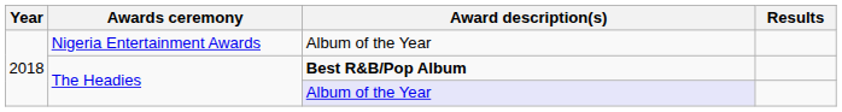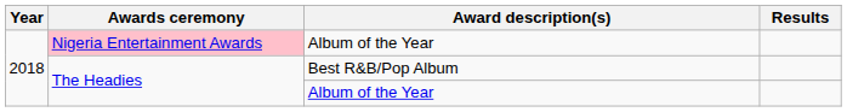 <table class="wikitable">
 <tr>
 <th>Year</th>
 <th style="width:250px;">Awards ceremony</th>
 <th style="width:450px;">Award description(s)</th>
 <th style="width:75px;">Results</th>
 </tr>
 <tr>
 <td rowspan="3">2018</td>
-<td><a href='#'>Nigeria Entertainment Awards</a></td>
+<td style="background: pink;"><a href='#'>Nigeria Entertainment Awards</a></td>
 <td>Album of the Year</td>
 <td></td>
 </tr>
 <tr>
 <td rowspan="2"><a href='#'>The Headies</a></td>
-<td><strong>Best R&B/Pop Album</strong></td>
+<td>Best R&B/Pop Album</td>
 <td></td>
 </tr>
 <tr>
-<td style="background: lavender;"><a href='#'>Album of the Year</a></td>
+<td><a href='#'>Album of the Year</a></td>
 <td></td>
 </tr>
 </table>
